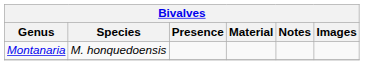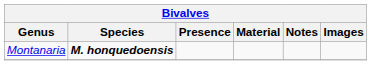 <table class="wikitable" align="center">
 <tr>
 <th colspan="6" align="center"><strong><a href='#'>Bivalves</a></strong></th>
 </tr>
 <tr>
 <th>Genus</th>
 <th>Species</th>
 <th>Presence</th>
 <th><strong>Material</strong></th>
 <th>Notes</th>
 <th>Images</th>
 </tr>
 <tr>
 <td><em><a href='#'>Montanaria</a></em></td>
-<td><em>M. honquedoensis</em></td>
+<td><strong><em>M. honquedoensis</em></strong></td>
 <td></td>
 <td></td>
 <td></td>
 <td></td>
 </tr>
 <tr>
 </tr>
 </table>
